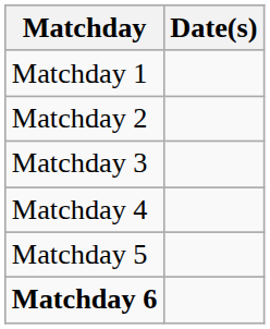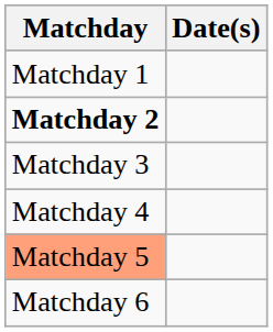 <table class="wikitable">
 <tr>
 <th>Matchday</th>
 <th>Date(s)</th>
 </tr>
 <tr>
 <td>Matchday 1</td>
 <td></td>
 </tr>
 <tr>
-<td>Matchday 2</td>
+<td><strong>Matchday 2</strong></td>
 <td></td>
 </tr>
 <tr>
 <td>Matchday 3</td>
 <td></td>
 </tr>
 <tr>
 <td>Matchday 4</td>
 <td></td>
 </tr>
 <tr>
-<td>Matchday 5</td>
+<td style="background: lightsalmon;">Matchday 5</td>
 <td></td>
 </tr>
 <tr>
-<td><strong>Matchday 6</strong></td>
+<td>Matchday 6</td>
 <td></td>
 </tr>
 </table>
